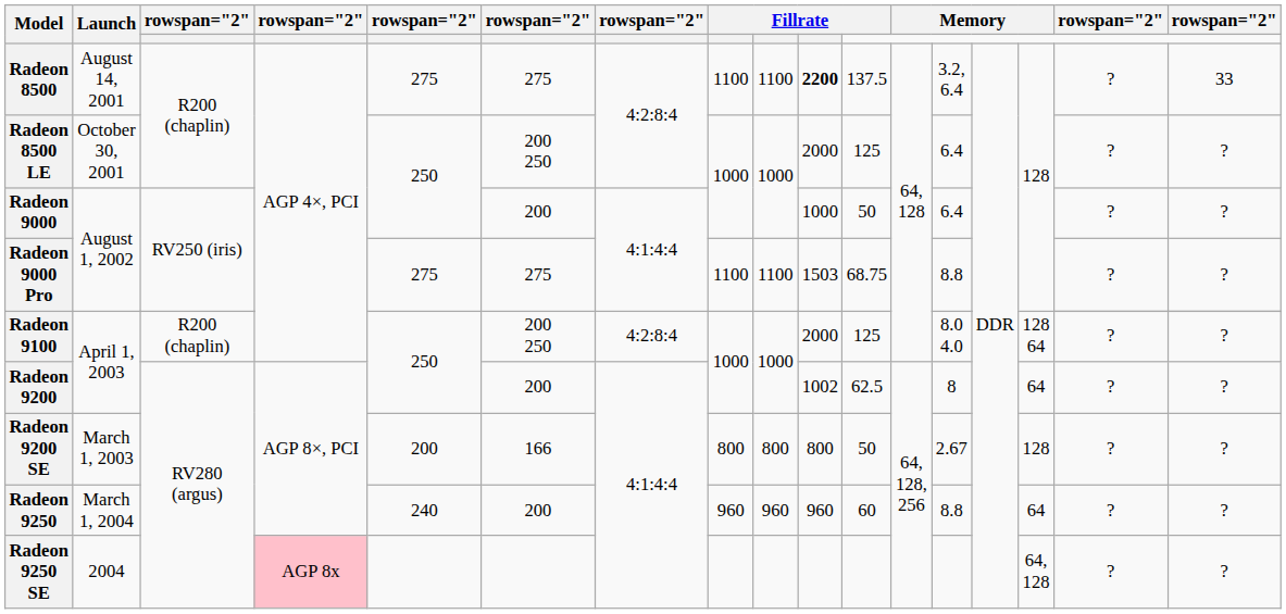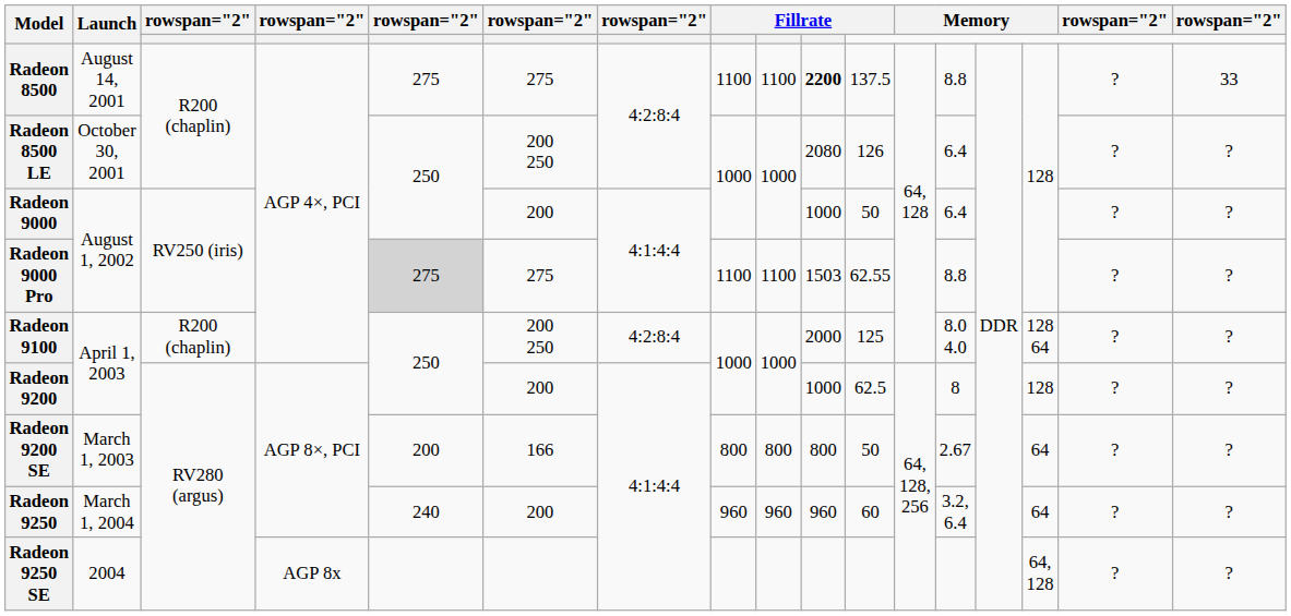 <table class="mw-datatable wikitable sortable" style="font-size:85%; text-align:center;">
 <tr>
 <th rowspan="2">Model</th>
 <th rowspan="2">Launch</th>
 <th>rowspan="2" </th>
 <th>rowspan="2" </th>
 <th>rowspan="2" </th>
 <th>rowspan="2" </th>
 <th>rowspan="2" </th>
 <th colspan="4"><a href='#'>Fillrate</a></th>
 <th colspan="4">Memory</th>
 <th>rowspan="2" </th>
 <th>rowspan="2" </th>
 </tr>
 <tr>
 <th></th>
 <th></th>
 <th></th>
 <th></th>
 <th></th>
 <th></th>
 <th></th>
 <th></th>
 </tr>
 <tr>
 <th>Radeon 8500</th>
 <td>August 14, 2001</td>
 <td rowspan="2">R200 (chaplin)</td>
 <td rowspan="6">AGP 4×, PCI</td>
 <td>275</td>
 <td>275</td>
 <td rowspan="2">4:2:8:4</td>
 <td>1100</td>
 <td>1100</td>
 <td><strong>2200</strong></td>
 <td>137.5</td>
 <td rowspan="6">64, 128</td>
-<td>3.2, 6.4</td>
+<td>8.8</td>
 <td rowspan="10">DDR</td>
 <td rowspan="5">128</td>
 <td>?</td>
 <td>33</td>
 </tr>
 <tr>
 <th>Radeon 8500 LE</th>
 <td>October 30, 2001</td>
 <td rowspan="2">250</td>
 <td>200<br>250</td>
 <td rowspan="2">1000</td>
 <td rowspan="2">1000</td>
-<td>2000</td>
-<td>125</td>
+<td>2080</td>
+<td>126</td>
 <td>6.4</td>
 <td>?</td>
 <td>?</td>
 </tr>
 <tr>
 <th>Radeon 9000</th>
 <td rowspan="2">August 1, 2002</td>
 <td rowspan="2">RV250 (iris)</td>
 <td>200</td>
 <td rowspan="2">4:1:4:4</td>
 <td>1000</td>
 <td>50</td>
 <td>6.4</td>
 <td>?</td>
 <td>?</td>
 </tr>
 <tr>
 <th>Radeon 9000 Pro</th>
-<td>275</td>
+<td style="background: lightgrey;">275</td>
 <td>275</td>
 <td>1100</td>
 <td>1100</td>
 <td>1503</td>
-<td>68.75</td>
+<td>62.55</td>
 <td>8.8</td>
 <td>?</td>
 <td>?</td>
 </tr>
 <tr>
 <th rowspan="2" >Radeon 9100</th>
 <td rowspan="3">April 1, 2003</td>
 <td rowspan="2">R200 (chaplin)</td>
 <td rowspan="3">250</td>
 <td rowspan="2">200<br>250</td>
 <td rowspan="2">4:2:8:4</td>
 <td rowspan="3">1000</td>
 <td rowspan="3">1000</td>
 <td rowspan="2">2000</td>
 <td rowspan="2">125</td>
 <td rowspan="2">8.0<br>4.0</td>
 </tr>
 <tr>
 <td>128<br>64</td>
 <td>?</td>
 <td>?</td>
 </tr>
 <tr>
 <th>Radeon 9200</th>
 <td rowspan="4">RV280 (argus)</td>
 <td rowspan="3">AGP 8×, PCI</td>
 <td>200</td>
 <td rowspan="4">4:1:4:4</td>
-<td>1002</td>
+<td>1000</td>
 <td>62.5</td>
 <td rowspan="4">64, 128, 256</td>
 <td>8</td>
-<td>64</td>
+<td>128</td>
 <td>?</td>
 <td>?</td>
 </tr>
 <tr>
 <th>Radeon 9200 SE</th>
 <td>March 1, 2003</td>
 <td>200</td>
 <td>166</td>
 <td>800</td>
 <td>800</td>
 <td>800</td>
 <td>50</td>
 <td>2.67</td>
-<td>128</td>
+<td>64</td>
 <td>?</td>
 <td>?</td>
 </tr>
 <tr>
 <th>Radeon 9250</th>
 <td>March 1, 2004</td>
 <td>240</td>
 <td>200</td>
 <td>960</td>
 <td>960</td>
 <td>960</td>
 <td>60</td>
-<td>8.8</td>
+<td>3.2, 6.4</td>
 <td>64</td>
 <td>?</td>
 <td>?</td>
 </tr>
 <tr>
 <th>Radeon 9250 SE</th>
 <td>2004</td>
-<td style="background: pink;">AGP 8x</td>
+<td>AGP 8x</td>
 <td></td>
 <td></td>
 <td></td>
 <td></td>
 <td></td>
 <td></td>
 <td></td>
 <td>64, 128</td>
 <td>?</td>
 <td>?</td>
 </tr>
 </table>
